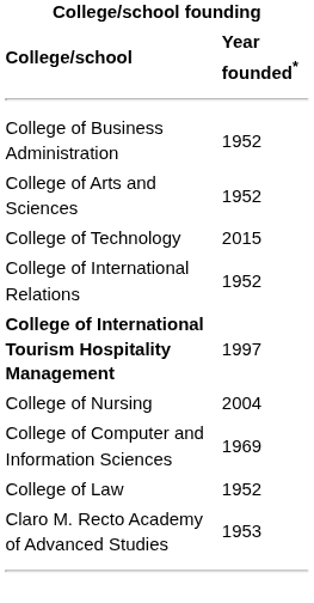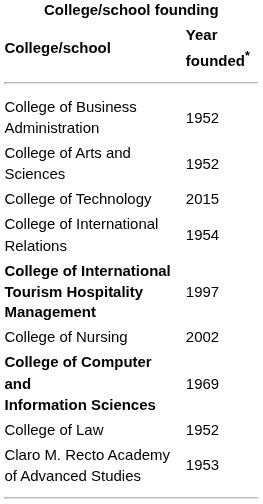 <table class="toccolours" style="float:right; margin-left:1em; font-size:90%; line-height:1.4em; width:250px;">
 <tr>
 <th colspan="2" style="text-align: center;"><strong>College/school founding</strong></th>
 </tr>
 <tr>
 <td><strong>College/school</strong></td>
 <td><strong>Year founded<sup>*</sup></strong></td>
 </tr>
 <tr>
 <td colspan="2"><hr></td>
 </tr>
 <tr>
 <td>College of Business Administration</td>
 <td>1952</td>
 </tr>
 <tr>
 <td>College of Arts and Sciences</td>
 <td>1952</td>
 </tr>
 <tr>
 <td>College of Technology</td>
 <td>2015</td>
 </tr>
 <tr>
 <td>College of International Relations</td>
-<td>1952</td>
+<td>1954</td>
 </tr>
 <tr>
 <td><strong>College of International Tourism Hospitality Management</strong></td>
 <td>1997</td>
 </tr>
 <tr>
 <td>College of Nursing</td>
-<td>2004</td>
+<td>2002</td>
 </tr>
 <tr>
-<td>College of Computer and<br>Information Sciences</td>
+<td><strong>College of Computer and<br>Information Sciences</strong></td>
 <td>1969</td>
 </tr>
 <tr>
 <td>College of Law</td>
 <td>1952</td>
 </tr>
 <tr>
 <td>Claro M. Recto Academy of Advanced Studies</td>
 <td>1953</td>
 </tr>
 <tr>
 <td colspan="2"><hr></td>
 </tr>
 <tr>
 </tr>
 </table>
